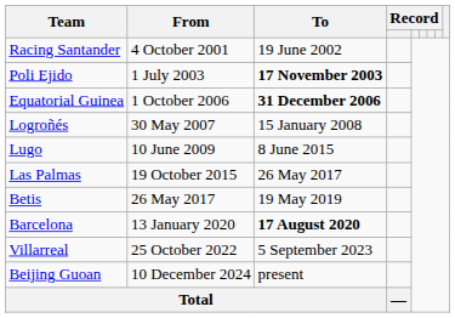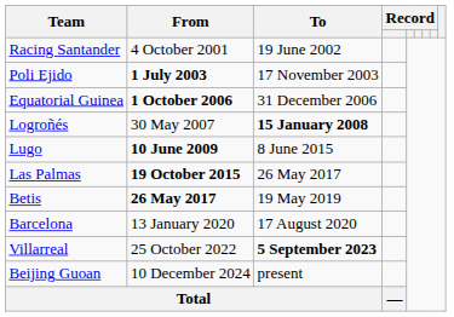 <table class=wikitable style=text-align:center>
 <tr>
 <th rowspan=2>Team</th>
 <th rowspan=2>From</th>
 <th rowspan=2>To</th>
 <th colspan=5>Record</th>
 <th rowspan=2></th>
 </tr>
 <tr>
 <th></th>
 <th></th>
 <th></th>
 <th></th>
 <th></th>
 </tr>
 <tr>
 <td align=left><a href='#'>Racing Santander</a></td>
 <td align=left>4 October 2001</td>
 <td align=left>19 June 2002<br></td>
 <td></td>
 </tr>
 <tr>
 <td align="left"><a href='#'>Poli Ejido</a></td>
-<td align=left>1 July 2003</td>
-<td align=left><strong>17 November 2003<br></strong></td>
+<td align=left><strong>1 July 2003</strong></td>
+<td align=left>17 November 2003<br></td>
 <td></td>
 </tr>
 <tr>
 <td align=left><a href='#'>Equatorial Guinea</a></td>
-<td align=left>1 October 2006</td>
-<td align=left><strong>31 December 2006<br></strong></td>
+<td align=left><strong>1 October 2006</strong></td>
+<td align=left>31 December 2006<br></td>
 <td></td>
 </tr>
 <tr>
 <td align=left><a href='#'>Logroñés</a></td>
 <td align=left>30 May 2007</td>
-<td align=left>15 January 2008<br></td>
+<td align=left><strong>15 January 2008<br></strong></td>
 <td></td>
 </tr>
 <tr>
 <td align=left><a href='#'>Lugo</a></td>
-<td align=left>10 June 2009</td>
+<td align=left><strong>10 June 2009</strong></td>
 <td align=left>8 June 2015<br></td>
 <td></td>
 </tr>
 <tr>
 <td align=left><a href='#'>Las Palmas</a></td>
-<td align=left>19 October 2015</td>
+<td align=left><strong>19 October 2015</strong></td>
 <td align=left>26 May 2017<br></td>
 <td></td>
 </tr>
 <tr>
 <td align=left><a href='#'>Betis</a></td>
-<td align=left>26 May 2017</td>
+<td align=left><strong>26 May 2017</strong></td>
 <td align=left>19 May 2019<br></td>
 <td></td>
 </tr>
 <tr>
 <td align=left><a href='#'>Barcelona</a></td>
 <td align=left>13 January 2020</td>
-<td align=left><strong>17 August 2020<br></strong></td>
+<td align=left>17 August 2020<br></td>
 <td></td>
 </tr>
 <tr>
 <td align=left><a href='#'>Villarreal</a></td>
 <td align=left>25 October 2022</td>
-<td align=left>5 September 2023<br></td>
+<td align=left><strong>5 September 2023<br></strong></td>
 <td></td>
 </tr>
 <tr>
 <td align=left><a href='#'>Beijing Guoan</a></td>
 <td align=left>10 December 2024</td>
 <td align=left>present<br></td>
 <td></td>
 </tr>
 <tr>
 <th colspan=3>Total<br></th>
 <th>—</th>
 </tr>
 </table>
